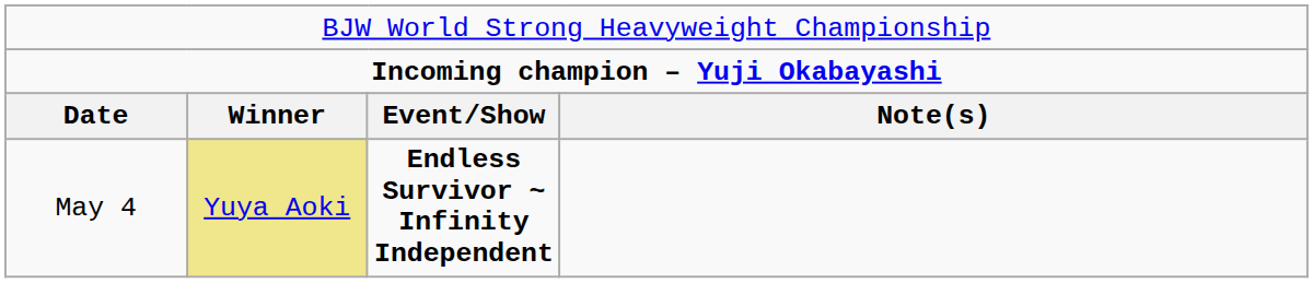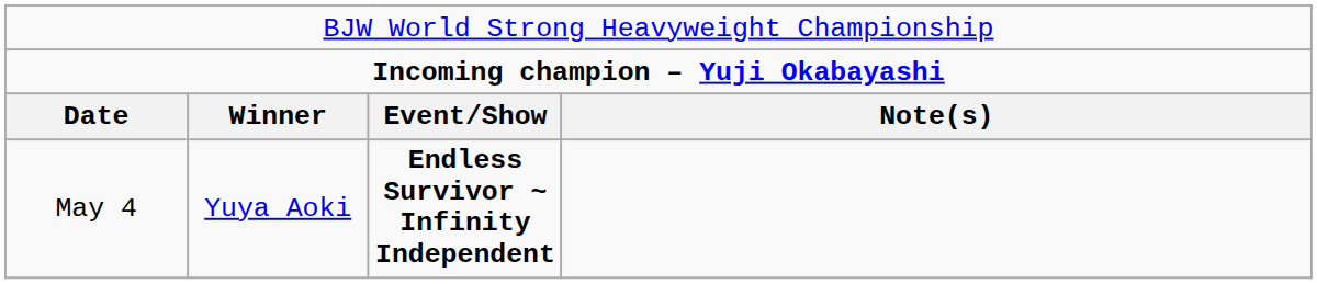 <table class="wikitable" style="text-align:center; width:100%;">
 <tr>
 <td colspan="5" style="text-align: center;"><a href='#'>BJW World Strong Heavyweight Championship</a></td>
 </tr>
 <tr>
 <td colspan="5" style="text-align: center;"><strong>Incoming champion – <a href='#'>Yuji Okabayashi</a></strong></td>
 </tr>
 <tr>
 <th width=14%>Date</th>
 <th width=14%>Winner</th>
 <th width=14%>Event/Show</th>
 <th width=58%>Note(s)</th>
 </tr>
 <tr>
 <td>May 4</td>
-<td style="background: khaki;"><a href='#'>Yuya Aoki</a></td>
+<td><a href='#'>Yuya Aoki</a></td>
 <td><strong>Endless Survivor ~ Infinity Independent</strong></td>
 <td></td>
 </tr>
 </table>
